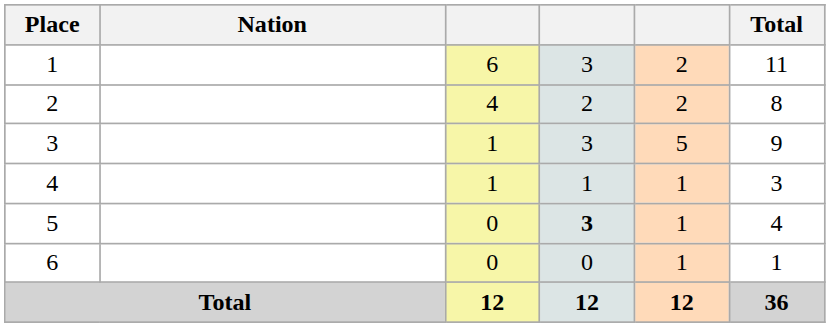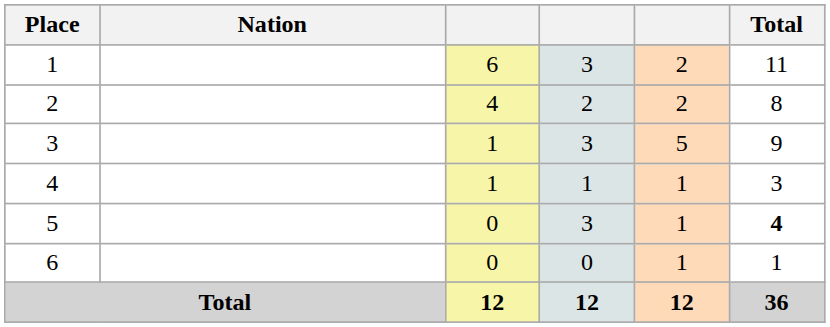 <table class=wikitable style="border:1px solid #AAAAAA;font-size:90%">
 <tr bgcolor="#EFEFEF">
 <th width=50>Place</th>
 <th width=200>Nation</th>
 <th width=50></th>
 <th width=50></th>
 <th width=50></th>
 <th width=50>Total</th>
 </tr>
 <tr align="center" valign="top" bgcolor="#FFFFFF">
 <td>1</td>
 <td align="left"></td>
 <td style="background:#F7F6A8;">6</td>
 <td style="background:#DCE5E5;">3</td>
 <td style="background:#FFDAB9;">2</td>
 <td>11</td>
 </tr>
 <tr align="center" valign="top" bgcolor="#FFFFFF">
 <td>2</td>
 <td align="left"></td>
 <td style="background:#F7F6A8;">4</td>
 <td style="background:#DCE5E5;">2</td>
 <td style="background:#FFDAB9;">2</td>
 <td>8</td>
 </tr>
 <tr align="center" valign="top" bgcolor="#FFFFFF">
 <td>3</td>
 <td align="left"></td>
 <td style="background:#F7F6A8;">1</td>
 <td style="background:#DCE5E5;">3</td>
 <td style="background:#FFDAB9;">5</td>
 <td>9</td>
 </tr>
 <tr align="center" valign="top" bgcolor="#FFFFFF">
 <td>4</td>
 <td align="left"></td>
 <td style="background:#F7F6A8;">1</td>
 <td style="background:#DCE5E5;">1</td>
 <td style="background:#FFDAB9;">1</td>
 <td>3</td>
 </tr>
 <tr align="center" valign="top" bgcolor="#FFFFFF">
 <td>5</td>
 <td align="left"></td>
 <td style="background:#F7F6A8;">0</td>
-<td style="background:#DCE5E5;"><strong>3</strong></td>
+<td style="background:#DCE5E5;">3</td>
 <td style="background:#FFDAB9;">1</td>
-<td>4</td>
+<td><strong>4</strong></td>
 </tr>
 <tr align="center" valign="top" bgcolor="#FFFFFF">
 <td>6</td>
 <td align="left"></td>
 <td style="background:#F7F6A8;">0</td>
 <td style="background:#DCE5E5;">0</td>
 <td style="background:#FFDAB9;">1</td>
 <td>1</td>
 </tr>
 <tr align="center">
 <td colspan="2" bgcolor=D3D3D3><strong>Total</strong></td>
 <td style="background:#F7F6A8;"><strong>12</strong></td>
 <td style="background:#DCE5E5;"><strong>12</strong></td>
 <td style="background:#FFDAB9;"><strong>12</strong></td>
 <td bgcolor=D3D3D3><strong>36</strong></td>
 </tr>
 </table>
